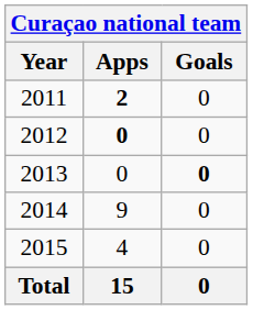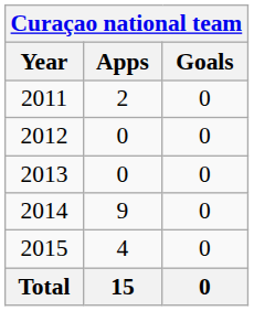 <table class="wikitable" style="text-align:center">
 <tr>
 <th colspan=3><a href='#'>Curaçao national team</a></th>
 </tr>
 <tr>
 <th>Year</th>
 <th>Apps</th>
 <th>Goals</th>
 </tr>
 <tr>
 <td>2011</td>
-<td><strong>2</strong></td>
+<td>2</td>
 <td>0</td>
 </tr>
 <tr>
 <td>2012</td>
-<td><strong>0</strong></td>
+<td>0</td>
 <td>0</td>
 </tr>
 <tr>
 <td>2013</td>
 <td>0</td>
-<td><strong>0</strong></td>
+<td>0</td>
 </tr>
 <tr>
 <td>2014</td>
 <td>9</td>
 <td>0</td>
 </tr>
 <tr>
 <td>2015</td>
 <td>4</td>
 <td>0</td>
 </tr>
 <tr>
 <th>Total</th>
 <th>15</th>
 <th>0</th>
 </tr>
 </table>
